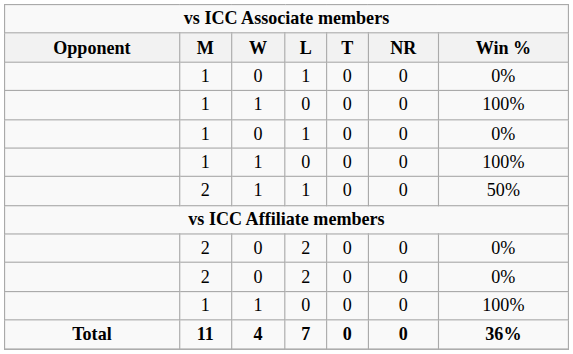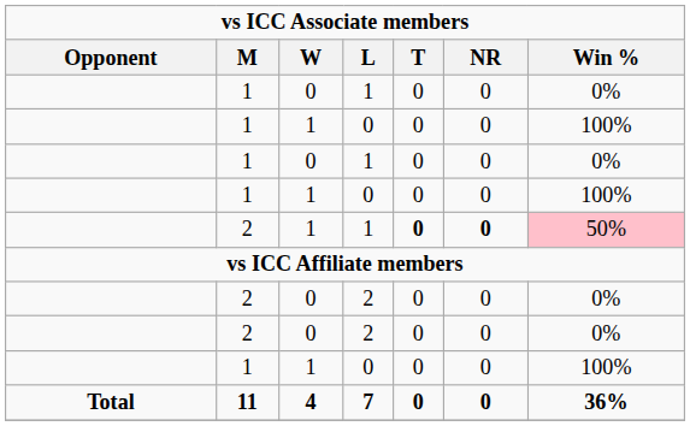 <table class="wikitable" style="text-align: center; width: 500px;">
 <tr>
 <td colspan=7 align="center"><strong>vs ICC Associate members</strong></td>
 </tr>
 <tr>
 <th>Opponent</th>
 <th>M</th>
 <th>W</th>
 <th>L</th>
 <th>T</th>
 <th>NR</th>
 <th>Win %</th>
 </tr>
 <tr>
 <td align="left"></td>
 <td>1</td>
 <td>0</td>
 <td>1</td>
 <td>0</td>
 <td>0</td>
 <td>0%</td>
 </tr>
 <tr>
 <td align="left"></td>
 <td>1</td>
 <td>1</td>
 <td>0</td>
 <td>0</td>
 <td>0</td>
 <td>100%</td>
 </tr>
 <tr>
 <td align="left"></td>
 <td>1</td>
 <td>0</td>
 <td>1</td>
 <td>0</td>
 <td>0</td>
 <td>0%</td>
 </tr>
 <tr>
 <td align="left"></td>
 <td>1</td>
 <td>1</td>
 <td>0</td>
 <td>0</td>
 <td>0</td>
 <td>100%</td>
 </tr>
 <tr>
 <td align="left"></td>
 <td>2</td>
 <td>1</td>
 <td>1</td>
-<td>0</td>
-<td>0</td>
-<td>50%</td>
+<td><strong>0</strong></td>
+<td><strong>0</strong></td>
+<td style="background: pink;">50%</td>
 </tr>
 <tr>
 <td colspan=7 align="center"><strong>vs ICC Affiliate members</strong></td>
 </tr>
 <tr>
 <td align="left"></td>
 <td>2</td>
 <td>0</td>
 <td>2</td>
 <td>0</td>
 <td>0</td>
 <td>0%</td>
 </tr>
 <tr>
 <td align="left"></td>
 <td>2</td>
 <td>0</td>
 <td>2</td>
 <td>0</td>
 <td>0</td>
 <td>0%</td>
 </tr>
 <tr>
 <td align="left"></td>
 <td>1</td>
 <td>1</td>
 <td>0</td>
 <td>0</td>
 <td>0</td>
 <td>100%</td>
 </tr>
 <tr>
 <td><strong>Total</strong></td>
 <td><strong>11</strong></td>
 <td><strong>4</strong></td>
 <td><strong>7</strong></td>
 <td><strong>0</strong></td>
 <td><strong>0</strong></td>
 <td><strong>36%</strong></td>
 </tr>
 <tr>
 </tr>
 </table>
